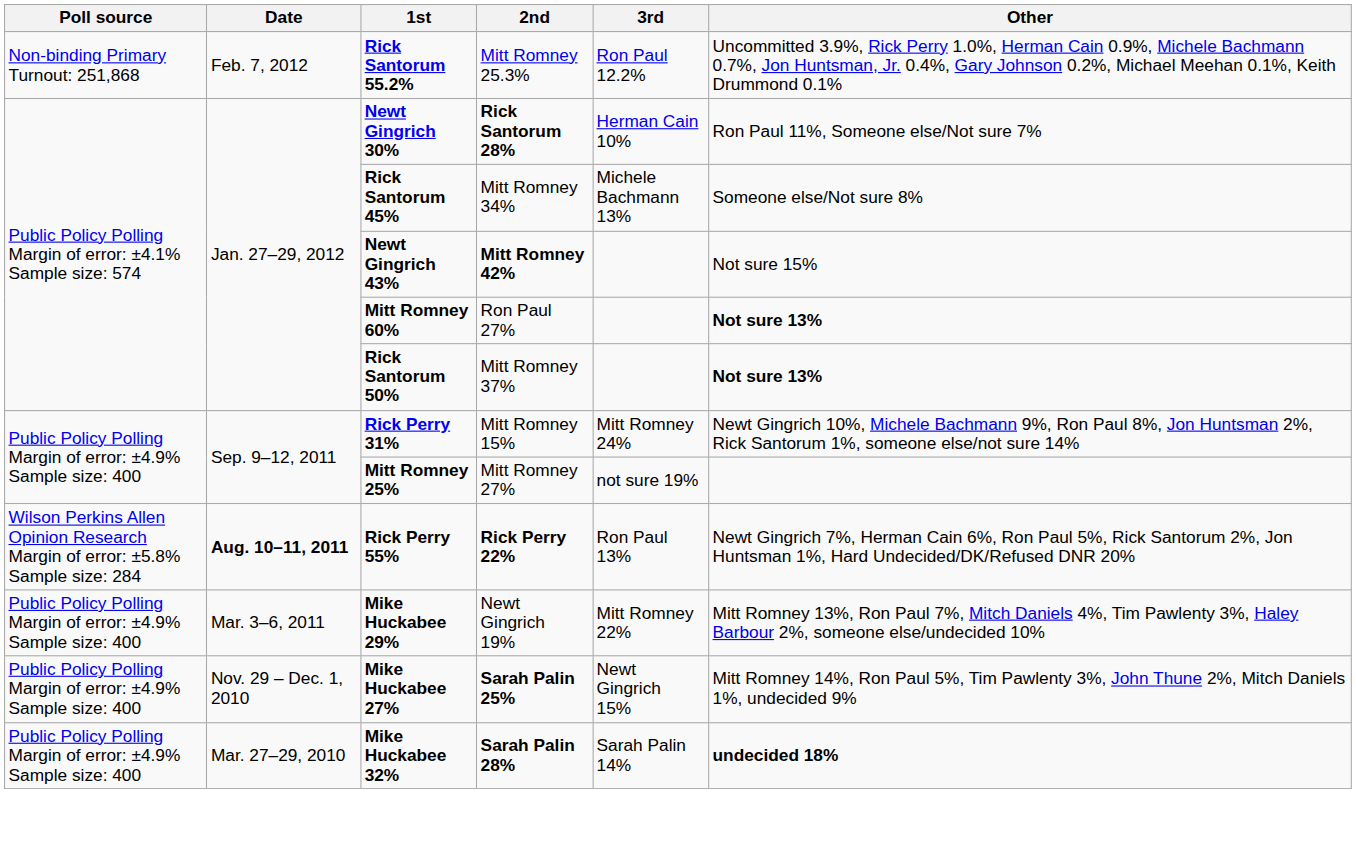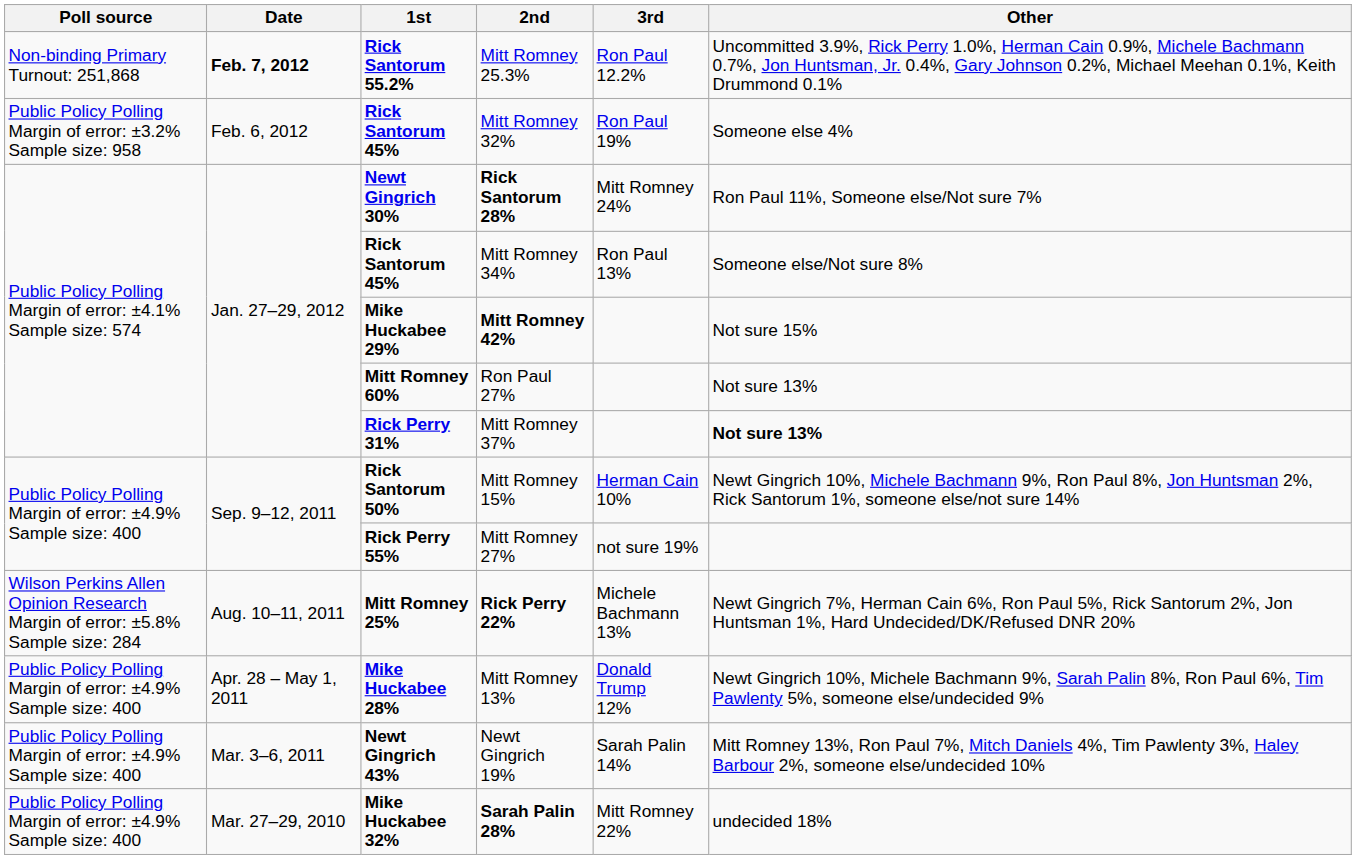 <table class="wikitable">
 <tr>
 <th style="width:180px;">Poll source</th>
 <th style="width:135px;">Date</th>
 <th style="width:100px;">1st</th>
 <th style="width:100px;">2nd</th>
 <th style="width:100px;">3rd</th>
 <th>Other</th>
 </tr>
 <tr>
 <td rowspan=1><a href='#'>Non-binding Primary</a><br>Turnout: 251,868</td>
-<td rowspan=1>Feb. 7, 2012</td>
+<td rowspan=1><strong>Feb. 7, 2012</strong></td>
 <td><strong><a href='#'>Rick Santorum</a><br>55.2%</strong></td>
 <td><a href='#'>Mitt Romney</a><br>25.3%</td>
 <td><a href='#'>Ron Paul</a><br>12.2%</td>
 <td>Uncommitted 3.9%, <a href='#'>Rick Perry</a> 1.0%, <a href='#'>Herman Cain</a> 0.9%, <a href='#'>Michele Bachmann</a> 0.7%, <a href='#'>Jon Huntsman, Jr.</a> 0.4%, <a href='#'>Gary Johnson</a> 0.2%, Michael Meehan 0.1%, Keith Drummond 0.1%</td>
 </tr>
 <tr>
+<td rowspan=1><a href='#'>Public Policy Polling</a><br>Margin of error: ±3.2% <br>Sample size: 958</td>
+<td rowspan=1>Feb. 6, 2012</td>
+<td><strong><a href='#'>Rick Santorum</a><br>45%</strong></td>
+<td><a href='#'>Mitt Romney</a><br>32%</td>
+<td><a href='#'>Ron Paul</a><br>19%</td>
+<td>Someone else 4%</td>
+</tr>
+<tr>
 <td rowspan=5><a href='#'>Public Policy Polling</a><br>Margin of error: ±4.1% <br>Sample size: 574</td>
 <td rowspan=5>Jan. 27–29, 2012</td>
 <td><strong><a href='#'>Newt Gingrich</a><br>30%</strong></td>
 <td><strong>Rick Santorum<br>28%</strong></td>
-<td><a href='#'>Herman Cain</a><br>10%</td>
+<td>Mitt Romney<br>24%</td>
 <td>Ron Paul 11%, Someone else/Not sure 7%</td>
 </tr>
 <tr>
 <td><strong>Rick Santorum<br>45%</strong></td>
 <td>Mitt Romney<br>34%</td>
-<td>Michele Bachmann<br>13%</td>
+<td>Ron Paul<br>13%</td>
 <td>Someone else/Not sure 8%</td>
 </tr>
 <tr>
-<td><strong>Newt Gingrich<br>43%</strong></td>
+<td><strong>Mike Huckabee<br>29%</strong></td>
 <td><strong>Mitt Romney<br>42%</strong></td>
 <td></td>
 <td>Not sure 15%</td>
 </tr>
 <tr>
 <td><strong>Mitt Romney<br>60%</strong></td>
 <td>Ron Paul<br>27%</td>
 <td></td>
-<td><strong>Not sure 13%</strong></td>
+<td>Not sure 13%</td>
 </tr>
 <tr>
-<td><strong>Rick Santorum<br>50%</strong></td>
+<td><strong><a href='#'>Rick Perry</a><br>31%</strong></td>
 <td>Mitt Romney<br>37%</td>
 <td></td>
 <td><strong>Not sure 13%</strong></td>
 </tr>
 <tr>
 <td rowspan=2><a href='#'>Public Policy Polling</a><br>Margin of error: ±4.9% <br>Sample size: 400</td>
 <td rowspan=2>Sep. 9–12, 2011</td>
-<td><strong><a href='#'>Rick Perry</a><br>31%</strong></td>
+<td><strong>Rick Santorum<br>50%</strong></td>
 <td>Mitt Romney<br>15%</td>
-<td>Mitt Romney<br>24%</td>
+<td><a href='#'>Herman Cain</a><br>10%</td>
 <td>Newt Gingrich 10%, <a href='#'>Michele Bachmann</a> 9%, Ron Paul 8%, <a href='#'>Jon Huntsman</a> 2%, Rick Santorum 1%, someone else/not sure 14%</td>
 </tr>
 <tr>
-<td><strong>Mitt Romney<br>25%</strong></td>
+<td><strong>Rick Perry<br>55%</strong></td>
 <td>Mitt Romney 27%</td>
 <td>not sure 19%</td>
 <td></td>
 </tr>
 <tr>
 <td><a href='#'>Wilson Perkins Allen Opinion Research</a><br>Margin of error: ±5.8% <br>Sample size: 284</td>
-<td><strong>Aug. 10–11, 2011</strong></td>
-<td><strong>Rick Perry<br>55%</strong></td>
+<td>Aug. 10–11, 2011</td>
+<td><strong>Mitt Romney<br>25%</strong></td>
 <td><strong>Rick Perry<br>22%</strong></td>
-<td>Ron Paul<br>13%</td>
+<td>Michele Bachmann<br>13%</td>
 <td>Newt Gingrich 7%, Herman Cain 6%, Ron Paul 5%, Rick Santorum 2%, Jon Huntsman 1%, Hard Undecided/DK/Refused DNR 20%</td>
 </tr>
 <tr>
 <td><a href='#'>Public Policy Polling</a><br>Margin of error: ±4.9% <br>Sample size: 400</td>
-<td>Mar. 3–6, 2011</td>
-<td><strong>Mike Huckabee<br>29%</strong></td>
-<td>Newt Gingrich<br>19%</td>
-<td>Mitt Romney<br>22%</td>
-<td>Mitt Romney 13%, Ron Paul 7%, <a href='#'>Mitch Daniels</a> 4%, Tim Pawlenty 3%, <a href='#'>Haley Barbour</a> 2%, someone else/undecided 10%</td>
+<td>Apr. 28 – May 1, 2011</td>
+<td><strong><a href='#'>Mike Huckabee</a><br>28%</strong></td>
+<td>Mitt Romney<br>13%</td>
+<td><a href='#'>Donald Trump</a><br>12%</td>
+<td>Newt Gingrich 10%, Michele Bachmann 9%, <a href='#'>Sarah Palin</a> 8%, Ron Paul 6%, <a href='#'>Tim Pawlenty</a> 5%, someone else/undecided 9%</td>
 </tr>
 <tr>
 <td><a href='#'>Public Policy Polling</a><br>Margin of error: ±4.9% <br>Sample size: 400</td>
-<td>Nov. 29 – Dec. 1, 2010</td>
-<td><strong>Mike Huckabee<br>27%</strong></td>
-<td><strong>Sarah Palin<br>25%</strong></td>
-<td>Newt Gingrich<br>15%</td>
-<td>Mitt Romney 14%, Ron Paul 5%, Tim Pawlenty 3%, <a href='#'>John Thune</a> 2%, Mitch Daniels 1%, undecided 9%</td>
+<td>Mar. 3–6, 2011</td>
+<td><strong>Newt Gingrich<br>43%</strong></td>
+<td>Newt Gingrich<br>19%</td>
+<td>Sarah Palin<br>14%</td>
+<td>Mitt Romney 13%, Ron Paul 7%, <a href='#'>Mitch Daniels</a> 4%, Tim Pawlenty 3%, <a href='#'>Haley Barbour</a> 2%, someone else/undecided 10%</td>
 </tr>
 <tr>
 <td><a href='#'>Public Policy Polling</a><br>Margin of error: ±4.9% <br>Sample size: 400</td>
 <td>Mar. 27–29, 2010</td>
 <td><strong>Mike Huckabee<br>32%</strong></td>
 <td><strong>Sarah Palin<br>28%</strong></td>
-<td>Sarah Palin<br>14%</td>
-<td><strong>undecided 18%</strong></td>
+<td>Mitt Romney<br>22%</td>
+<td>undecided 18%</td>
 </tr>
 </table>
